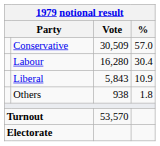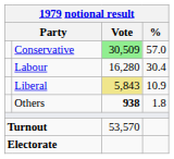 <table class="wikitable">
 <tr>
 <th colspan="4"><a href='#'>1979</a> <a href='#'>notional result</a></th>
 </tr>
 <tr>
 <th bgcolor="#DDDDFF" width="130px" colspan="2">Party</th>
 <th bgcolor="#DDDDFF" width="50px">Vote</th>
 <th bgcolor="#DDDDFF" width="30px">%</th>
 </tr>
 <tr>
 <td></td>
 <td><a href='#'>Conservative</a></td>
-<td align=right>30,509</td>
+<td align=right style="background: lightgreen;">30,509</td>
 <td align=right>57.0</td>
 </tr>
 <tr>
 <td></td>
 <td><a href='#'>Labour</a></td>
 <td align=right>16,280</td>
 <td align=right>30.4</td>
 </tr>
 <tr>
 <td></td>
 <td><a href='#'>Liberal</a></td>
-<td align=right>5,843</td>
+<td align=right style="background: khaki;">5,843</td>
 <td align=right>10.9</td>
 </tr>
 <tr>
 <td></td>
 <td>Others</td>
-<td align=right>938</td>
+<td align=right><strong>938</strong></td>
 <td align=right>1.8</td>
 </tr>
 <tr>
 <td colspan="4" bgcolor="#EAECF0"></td>
 </tr>
 <tr>
 <td colspan="2"><strong>Turnout</strong></td>
 <td align=right>53,570</td>
 <td align=right></td>
 </tr>
 <tr>
 <td colspan="2"><strong>Electorate</strong></td>
 <td align=right></td>
 </tr>
 </table>
